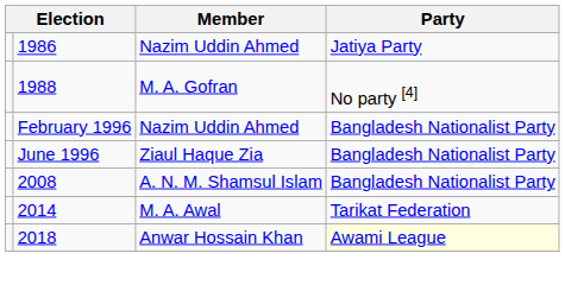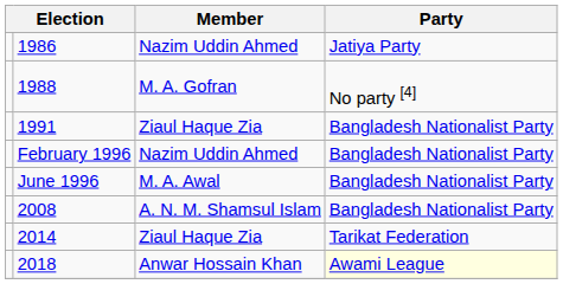 <table class="wikitable">
 <tr>
 <th colspan="2">Election</th>
 <th>Member</th>
 <th>Party</th>
 </tr>
 <tr>
 <td style="background-color:"></td>
 <td><a href='#'>1986</a></td>
 <td><a href='#'>Nazim Uddin Ahmed</a></td>
 <td><a href='#'>Jatiya Party</a></td>
 </tr>
 <tr>
 <td></td>
 <td><a href='#'>1988</a></td>
 <td><a href='#'>M. A. Gofran</a></td>
 <td><br>No party <sup>[4]</sup></td>
 </tr>
 <tr>
 <td style="background-color:"></td>
+<td><a href='#'>1991</a></td>
+<td><a href='#'>Ziaul Haque Zia</a></td>
+<td><a href='#'>Bangladesh Nationalist Party</a></td>
+</tr>
+<tr>
+<td style="background-color:"></td>
 <td><a href='#'>February 1996</a></td>
 <td><a href='#'>Nazim Uddin Ahmed</a></td>
 <td><a href='#'>Bangladesh Nationalist Party</a></td>
 </tr>
 <tr>
 <td style="background-color:"></td>
 <td><a href='#'>June 1996</a></td>
-<td><a href='#'>Ziaul Haque Zia</a></td>
+<td><a href='#'>M. A. Awal</a></td>
 <td><a href='#'>Bangladesh Nationalist Party</a></td>
 </tr>
 <tr>
 <td style="background-color:"></td>
 <td><a href='#'>2008</a></td>
 <td><a href='#'>A. N. M. Shamsul Islam</a></td>
 <td><a href='#'>Bangladesh Nationalist Party</a></td>
 </tr>
 <tr>
 <td style="background-color:"></td>
 <td><a href='#'>2014</a></td>
-<td><a href='#'>M. A. Awal</a></td>
+<td><a href='#'>Ziaul Haque Zia</a></td>
 <td><a href='#'>Tarikat Federation</a></td>
 </tr>
 <tr>
 <td style="background-color:"></td>
 <td><a href='#'>2018</a></td>
 <td><a href='#'>Anwar Hossain Khan</a></td>
 <td style="background: lightyellow;"><a href='#'>Awami League</a></td>
 </tr>
 <tr>
 </tr>
 </table>
